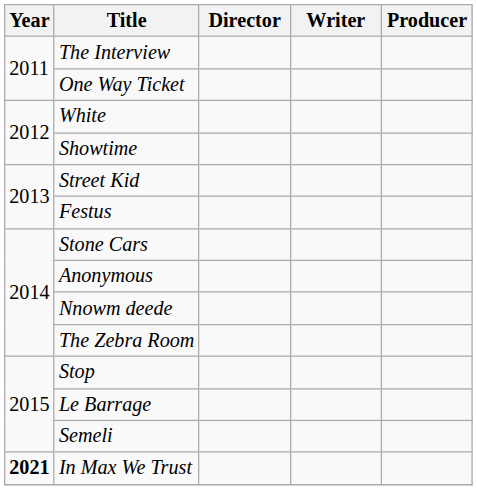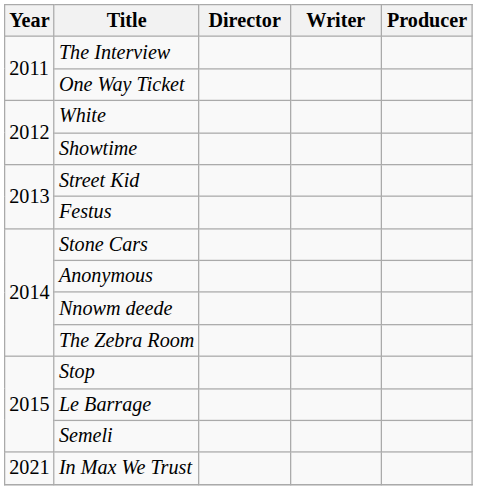 <table class="wikitable">
 <tr>
 <th>Year</th>
 <th>Title</th>
 <th width=65>Director</th>
 <th width=65>Writer</th>
 <th width=65>Producer</th>
 </tr>
 <tr>
 <td rowspan=2>2011</td>
 <td><em>The Interview</em></td>
 <td></td>
 <td></td>
 <td></td>
 </tr>
 <tr>
 <td><em>One Way Ticket</em></td>
 <td></td>
 <td></td>
 <td></td>
 </tr>
 <tr>
 <td rowspan=2>2012</td>
 <td><em>White</em></td>
 <td></td>
 <td></td>
 <td></td>
 </tr>
 <tr>
 <td><em>Showtime</em></td>
 <td></td>
 <td></td>
 <td></td>
 </tr>
 <tr>
 <td rowspan=2>2013</td>
 <td><em>Street Kid</em></td>
 <td></td>
 <td></td>
 <td></td>
 </tr>
 <tr>
 <td><em>Festus</em></td>
 <td></td>
 <td></td>
 <td></td>
 </tr>
 <tr>
 <td rowspan=4>2014</td>
 <td><em>Stone Cars</em></td>
 <td></td>
 <td></td>
 <td></td>
 </tr>
 <tr>
 <td><em>Anonymous</em></td>
 <td></td>
 <td></td>
 <td></td>
 </tr>
 <tr>
 <td><em>Nnowm deede</em></td>
 <td></td>
 <td></td>
 <td></td>
 </tr>
 <tr>
 <td><em>The Zebra Room</em></td>
 <td></td>
 <td></td>
 <td></td>
 </tr>
 <tr>
 <td rowspan=3>2015</td>
 <td><em>Stop</em></td>
 <td></td>
 <td></td>
 <td></td>
 </tr>
 <tr>
 <td><em>Le Barrage</em></td>
 <td></td>
 <td></td>
 <td></td>
 </tr>
 <tr>
 <td><em>Semeli</em></td>
 <td></td>
 <td></td>
 <td></td>
 </tr>
 <tr>
-<td><strong>2021</strong></td>
+<td>2021</td>
 <td><em>In Max We Trust</em></td>
 <td></td>
 <td></td>
 <td></td>
 </tr>
 <tr>
 </tr>
 </table>
